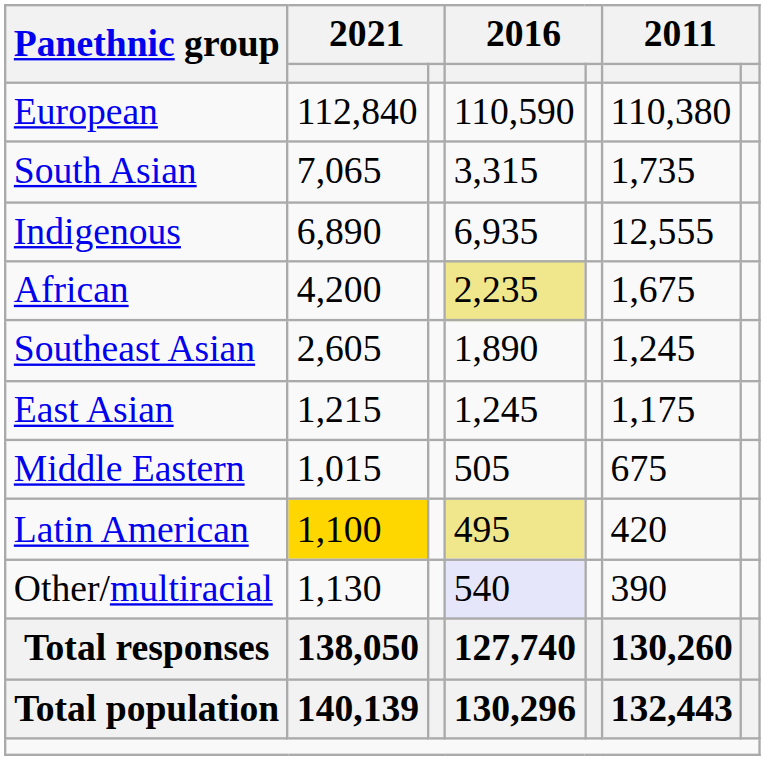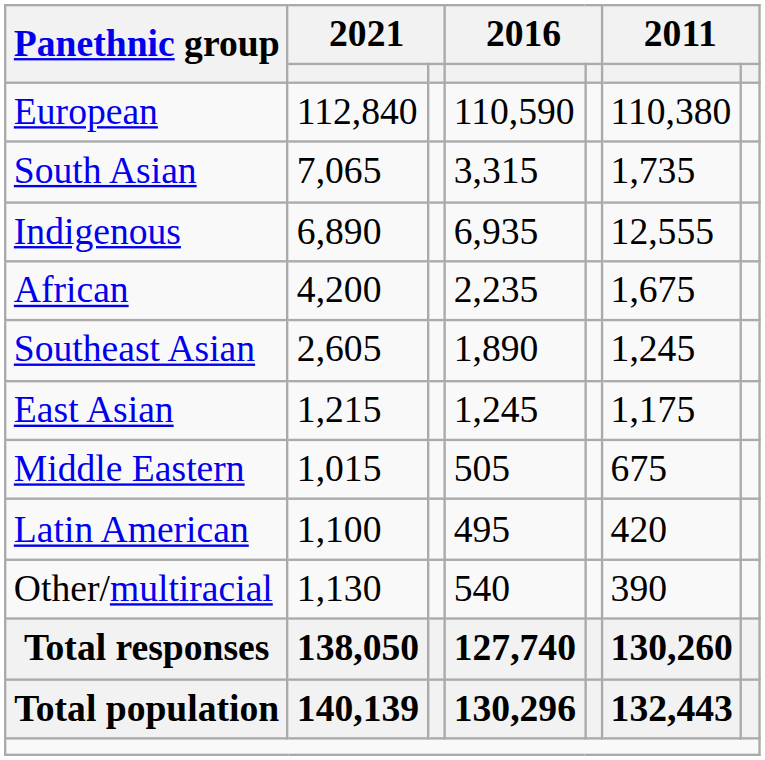 <table class="wikitable collapsible sortable">
 <tr>
 <th rowspan="2"><a href='#'>Panethnic</a> group</th>
 <th colspan="2">2021</th>
 <th colspan="2">2016</th>
 <th colspan="2">2011</th>
 </tr>
 <tr>
 <th><a href='#'></a></th>
 <th></th>
 <th></th>
 <th></th>
 <th></th>
 <th></th>
 </tr>
 <tr>
 <td><a href='#'>European</a></td>
 <td>112,840</td>
 <td></td>
 <td>110,590</td>
 <td></td>
 <td>110,380</td>
 <td></td>
 </tr>
 <tr>
 <td><a href='#'>South Asian</a></td>
 <td>7,065</td>
 <td></td>
 <td>3,315</td>
 <td></td>
 <td>1,735</td>
 <td></td>
 </tr>
 <tr>
 <td><a href='#'>Indigenous</a></td>
 <td>6,890</td>
 <td></td>
 <td>6,935</td>
 <td></td>
 <td>12,555</td>
 <td></td>
 </tr>
 <tr>
 <td><a href='#'>African</a></td>
 <td>4,200</td>
 <td></td>
-<td style="background: khaki;">2,235</td>
+<td>2,235</td>
 <td></td>
 <td>1,675</td>
 <td></td>
 </tr>
 <tr>
 <td><a href='#'>Southeast Asian</a></td>
 <td>2,605</td>
 <td></td>
 <td>1,890</td>
 <td></td>
 <td>1,245</td>
 <td></td>
 </tr>
 <tr>
 <td><a href='#'>East Asian</a></td>
 <td>1,215</td>
 <td></td>
 <td>1,245</td>
 <td></td>
 <td>1,175</td>
 <td></td>
 </tr>
 <tr>
 <td><a href='#'>Middle Eastern</a></td>
 <td>1,015</td>
 <td></td>
 <td>505</td>
 <td></td>
 <td>675</td>
 <td></td>
 </tr>
 <tr>
 <td><a href='#'>Latin American</a></td>
-<td style="background: gold;">1,100</td>
+<td>1,100</td>
 <td></td>
-<td style="background: khaki;">495</td>
+<td>495</td>
 <td></td>
 <td>420</td>
 <td></td>
 </tr>
 <tr>
 <td>Other/<a href='#'>multiracial</a></td>
 <td>1,130</td>
 <td></td>
-<td style="background: lavender;">540</td>
+<td>540</td>
 <td></td>
 <td>390</td>
 <td></td>
 </tr>
 <tr>
 <th>Total responses</th>
 <th>138,050</th>
 <th></th>
 <th>127,740</th>
 <th></th>
 <th>130,260</th>
 <th></th>
 </tr>
 <tr class="sortbottom">
 <th>Total population</th>
 <th>140,139</th>
 <th></th>
 <th>130,296</th>
 <th></th>
 <th>132,443</th>
 <th></th>
 </tr>
 <tr class="sortbottom">
 <td colspan="15"></td>
 </tr>
 </table>
